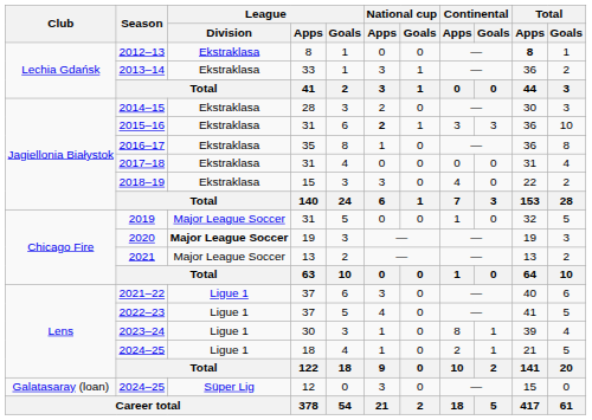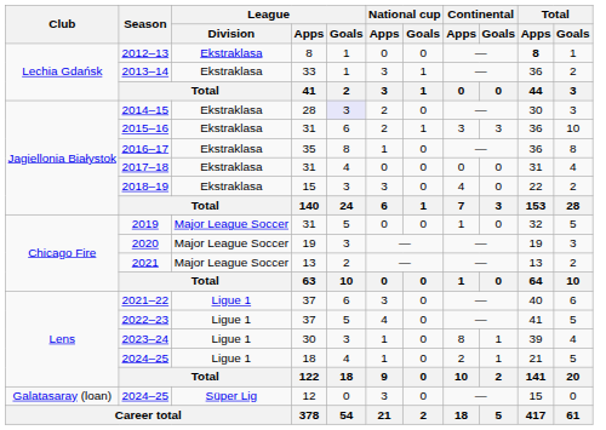 <table class="wikitable" style="text-align:center">
 <tr>
 <th rowspan="2">Club</th>
 <th rowspan="2">Season</th>
 <th colspan="3">League</th>
 <th colspan="2">National cup</th>
 <th colspan="2">Continental</th>
 <th colspan="2">Total</th>
 </tr>
 <tr>
 <th>Division</th>
 <th>Apps</th>
 <th>Goals</th>
 <th>Apps</th>
 <th>Goals</th>
 <th>Apps</th>
 <th>Goals</th>
 <th>Apps</th>
 <th>Goals</th>
 </tr>
 <tr>
 <td rowspan="3"><a href='#'>Lechia Gdańsk</a></td>
 <td><a href='#'>2012–13</a></td>
 <td><a href='#'>Ekstraklasa</a></td>
 <td>8</td>
 <td>1</td>
 <td>0</td>
 <td>0</td>
 <td colspan="2">—</td>
 <td><strong>8</strong></td>
 <td>1</td>
 </tr>
 <tr>
 <td><a href='#'>2013–14</a></td>
 <td>Ekstraklasa</td>
 <td>33</td>
 <td>1</td>
 <td>3</td>
 <td>1</td>
 <td colspan="2">—</td>
 <td>36</td>
 <td>2</td>
 </tr>
 <tr>
 <th colspan="2">Total</th>
 <th>41</th>
 <th>2</th>
 <th>3</th>
 <th>1</th>
 <th>0</th>
 <th>0</th>
 <th>44</th>
 <th>3</th>
 </tr>
 <tr>
 <td rowspan="6"><a href='#'>Jagiellonia Białystok</a></td>
 <td><a href='#'>2014–15</a></td>
 <td>Ekstraklasa</td>
 <td>28</td>
-<td>3</td>
+<td style="background: lavender;">3</td>
 <td>2</td>
 <td>0</td>
 <td colspan="2">—</td>
 <td>30</td>
 <td>3</td>
 </tr>
 <tr>
 <td><a href='#'>2015–16</a></td>
 <td>Ekstraklasa</td>
 <td>31</td>
 <td>6</td>
-<td><strong>2</strong></td>
+<td>2</td>
 <td>1</td>
 <td>3</td>
 <td>3</td>
 <td>36</td>
 <td>10</td>
 </tr>
 <tr>
 <td><a href='#'>2016–17</a></td>
 <td>Ekstraklasa</td>
 <td>35</td>
 <td>8</td>
 <td>1</td>
 <td>0</td>
 <td colspan="2">—</td>
 <td>36</td>
 <td>8</td>
 </tr>
 <tr>
 <td><a href='#'>2017–18</a></td>
 <td>Ekstraklasa</td>
 <td>31</td>
 <td>4</td>
 <td>0</td>
 <td>0</td>
 <td>0</td>
 <td>0</td>
 <td>31</td>
 <td>4</td>
 </tr>
 <tr>
 <td><a href='#'>2018–19</a></td>
 <td>Ekstraklasa</td>
 <td>15</td>
 <td>3</td>
 <td>3</td>
 <td>0</td>
 <td>4</td>
 <td>0</td>
 <td>22</td>
 <td>2</td>
 </tr>
 <tr>
 <th colspan="2">Total</th>
 <th>140</th>
 <th>24</th>
 <th>6</th>
 <th>1</th>
 <th>7</th>
 <th>3</th>
 <th>153</th>
 <th>28</th>
 </tr>
 <tr>
 <td rowspan="4"><a href='#'>Chicago Fire</a></td>
 <td><a href='#'>2019</a></td>
 <td><a href='#'>Major League Soccer</a></td>
 <td>31</td>
 <td>5</td>
 <td>0</td>
 <td>0</td>
 <td>1</td>
 <td>0</td>
 <td>32</td>
 <td>5</td>
 </tr>
 <tr>
 <td><a href='#'>2020</a></td>
-<td><strong>Major League Soccer</strong></td>
+<td>Major League Soccer</td>
 <td>19</td>
 <td>3</td>
 <td colspan="2">—</td>
 <td colspan="2">—</td>
 <td>19</td>
 <td>3</td>
 </tr>
 <tr>
 <td><a href='#'>2021</a></td>
 <td>Major League Soccer</td>
 <td>13</td>
 <td>2</td>
 <td colspan="2">—</td>
 <td colspan="2">—</td>
 <td>13</td>
 <td>2</td>
 </tr>
 <tr>
 <th colspan="2">Total</th>
 <th>63</th>
 <th>10</th>
 <th>0</th>
 <th>0</th>
 <th>1</th>
 <th>0</th>
 <th>64</th>
 <th>10</th>
 </tr>
 <tr>
 <td rowspan="5"><a href='#'>Lens</a></td>
 <td><a href='#'>2021–22</a></td>
 <td><a href='#'>Ligue 1</a></td>
 <td>37</td>
 <td>6</td>
 <td>3</td>
 <td>0</td>
 <td colspan="2">—</td>
 <td>40</td>
 <td>6</td>
 </tr>
 <tr>
 <td><a href='#'>2022–23</a></td>
 <td>Ligue 1</td>
 <td>37</td>
 <td>5</td>
 <td>4</td>
 <td>0</td>
 <td colspan="2">—</td>
 <td>41</td>
 <td>5</td>
 </tr>
 <tr>
 <td><a href='#'>2023–24</a></td>
 <td>Ligue 1</td>
 <td>30</td>
 <td>3</td>
 <td>1</td>
 <td>0</td>
 <td>8</td>
 <td>1</td>
 <td>39</td>
 <td>4</td>
 </tr>
 <tr>
 <td><a href='#'>2024–25</a></td>
 <td>Ligue 1</td>
 <td>18</td>
 <td>4</td>
 <td>1</td>
 <td>0</td>
 <td>2</td>
 <td>1</td>
 <td>21</td>
 <td>5</td>
 </tr>
 <tr>
 <th colspan="2">Total</th>
 <th>122</th>
 <th>18</th>
 <th>9</th>
 <th>0</th>
 <th>10</th>
 <th>2</th>
 <th>141</th>
 <th>20</th>
 </tr>
 <tr>
 <td><a href='#'>Galatasaray</a> (loan)</td>
 <td><a href='#'>2024–25</a></td>
 <td><a href='#'>Süper Lig</a></td>
 <td>12</td>
 <td>0</td>
 <td>3</td>
 <td>0</td>
 <td colspan="2">—</td>
 <td>15</td>
 <td>0</td>
 </tr>
 <tr>
 <th colspan="3">Career total</th>
 <th>378</th>
 <th>54</th>
 <th>21</th>
 <th>2</th>
 <th>18</th>
 <th>5</th>
 <th>417</th>
 <th>61</th>
 </tr>
 </table>
